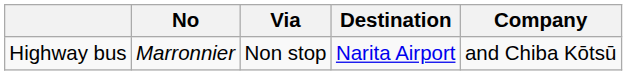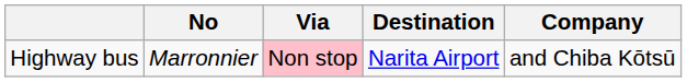 <table class="wikitable">
 <tr>
 <th></th>
 <th>No</th>
 <th>Via</th>
 <th>Destination</th>
 <th>Company</th>
 </tr>
 <tr>
 <td rowspan="2">Highway bus</td>
 <td><em>Marronnier</em></td>
-<td>Non stop</td>
+<td style="background: pink;">Non stop</td>
 <td><a href='#'>Narita Airport</a></td>
 <td rowspan="2"> and Chiba Kōtsū</td>
 </tr>
 </table>
